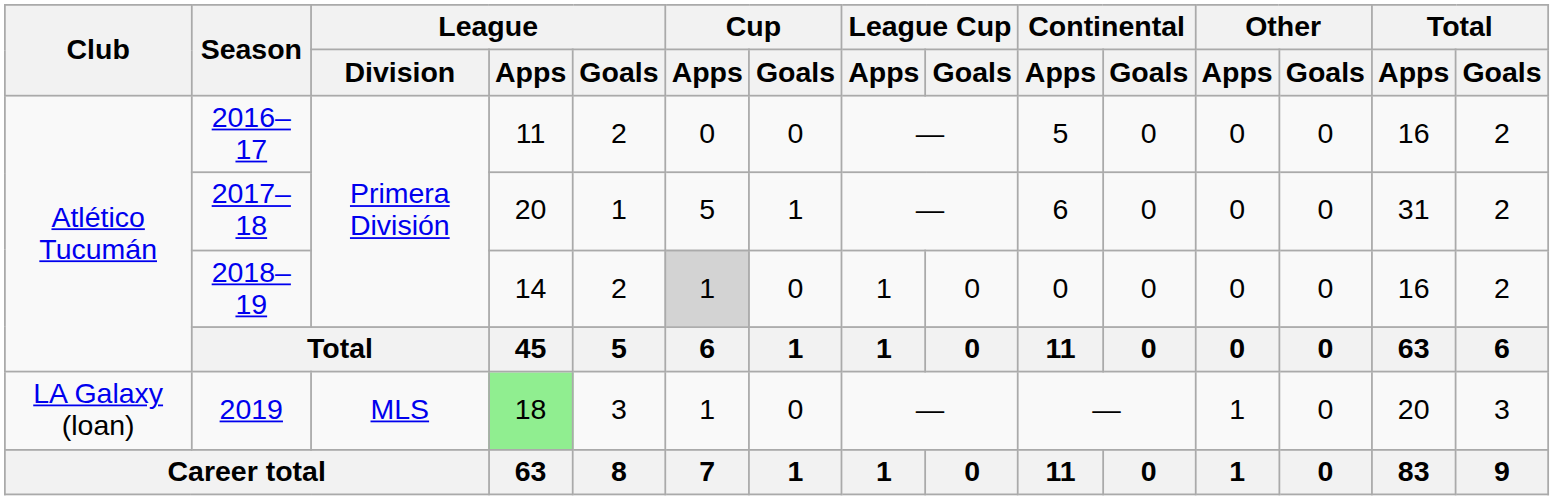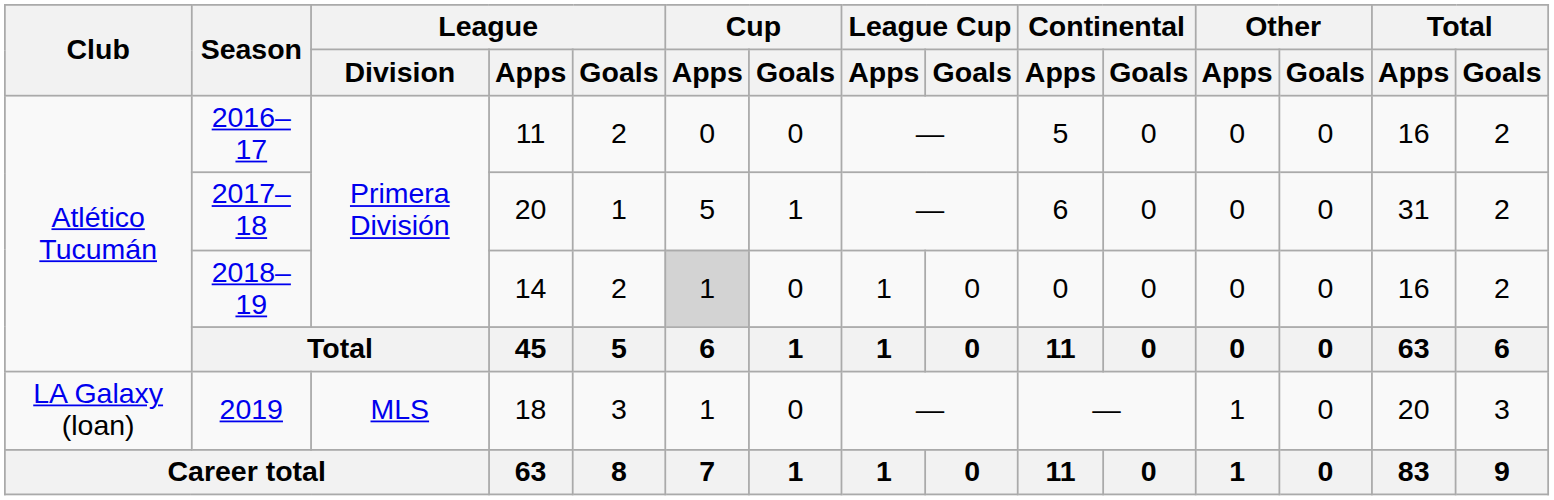 <table class="wikitable" style="text-align:center">
 <tr>
 <th rowspan="2">Club</th>
 <th rowspan="2">Season</th>
 <th colspan="3">League</th>
 <th colspan="2">Cup</th>
 <th colspan="2">League Cup</th>
 <th colspan="2">Continental</th>
 <th colspan="2">Other</th>
 <th colspan="2">Total</th>
 </tr>
 <tr>
 <th>Division</th>
 <th>Apps</th>
 <th>Goals</th>
 <th>Apps</th>
 <th>Goals</th>
 <th>Apps</th>
 <th>Goals</th>
 <th>Apps</th>
 <th>Goals</th>
 <th>Apps</th>
 <th>Goals</th>
 <th>Apps</th>
 <th>Goals</th>
 </tr>
 <tr>
 <td rowspan="4"><a href='#'>Atlético Tucumán</a></td>
 <td><a href='#'>2016–17</a></td>
 <td rowspan="3"><a href='#'>Primera División</a></td>
 <td>11</td>
 <td>2</td>
 <td>0</td>
 <td>0</td>
 <td colspan="2">—</td>
 <td>5</td>
 <td>0</td>
 <td>0</td>
 <td>0</td>
 <td>16</td>
 <td>2</td>
 </tr>
 <tr>
 <td><a href='#'>2017–18</a></td>
 <td>20</td>
 <td>1</td>
 <td>5</td>
 <td>1</td>
 <td colspan="2">—</td>
 <td>6</td>
 <td>0</td>
 <td>0</td>
 <td>0</td>
 <td>31</td>
 <td>2</td>
 </tr>
 <tr>
 <td><a href='#'>2018–19</a></td>
 <td>14</td>
 <td>2</td>
 <td style="background: lightgrey;">1</td>
 <td>0</td>
 <td>1</td>
 <td>0</td>
 <td>0</td>
 <td>0</td>
 <td>0</td>
 <td>0</td>
 <td>16</td>
 <td>2</td>
 </tr>
 <tr>
 <th colspan="2">Total</th>
 <th>45</th>
 <th>5</th>
 <th>6</th>
 <th>1</th>
 <th>1</th>
 <th>0</th>
 <th>11</th>
 <th>0</th>
 <th>0</th>
 <th>0</th>
 <th>63</th>
 <th>6</th>
 </tr>
 <tr>
 <td rowspan="1"><a href='#'>LA Galaxy</a> (loan)</td>
 <td><a href='#'>2019</a></td>
 <td rowspan="1"><a href='#'>MLS</a></td>
-<td style="background: lightgreen;">18</td>
+<td>18</td>
 <td>3</td>
 <td>1</td>
 <td>0</td>
 <td colspan="2">—</td>
 <td colspan="2">—</td>
 <td>1</td>
 <td>0</td>
 <td>20</td>
 <td>3</td>
 </tr>
 <tr>
 <th colspan="3">Career total</th>
 <th>63</th>
 <th>8</th>
 <th>7</th>
 <th>1</th>
 <th>1</th>
 <th>0</th>
 <th>11</th>
 <th>0</th>
 <th>1</th>
 <th>0</th>
 <th>83</th>
 <th>9</th>
 </tr>
 </table>
